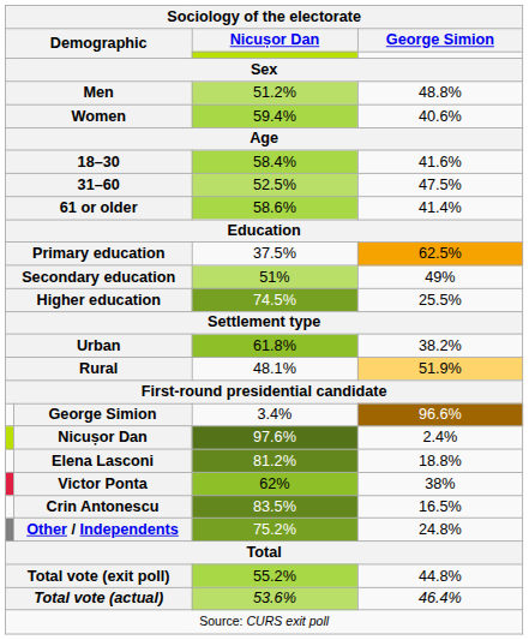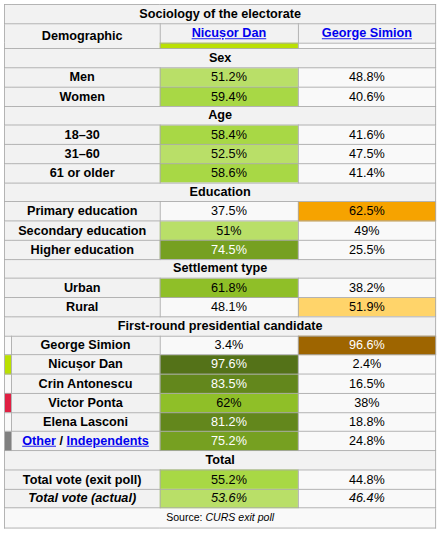 <table class="wikitable" style="font-size:90%; text-align:center; line-height:15px;">
 <tr>
 <th colspan="4">Sociology of the electorate</th>
 </tr>
 <tr>
 <th colspan="2" rowspan="2" style="width:170px;">Demographic</th>
 <th style="width:150px;"><a href='#'>Nicușor Dan</a></th>
 <th style="width:150px;"><a href='#'>George Simion</a></th>
 </tr>
 <tr>
 <td style="background:#BAE002;"></td>
 <td style="background:"></td>
 </tr>
 <tr>
 <th colspan="4">Sex</th>
 </tr>
 <tr>
 <th colspan="2">Men</th>
 <td style="background:#B9DF68;">51.2%</td>
 <td>48.8%</td>
 </tr>
 <tr>
 <th colspan="2">Women</th>
 <td style="background:#A8D845;">59.4%</td>
 <td>40.6%</td>
 </tr>
 <tr>
 <th colspan="4">Age</th>
 </tr>
 <tr>
 <th colspan="2">18–30</th>
 <td style="background:#A8D845;">58.4%</td>
 <td>41.6%</td>
 </tr>
 <tr>
 <th colspan="2">31–60</th>
 <td style="background:#B9DF68;">52.5%</td>
 <td>47.5%</td>
 </tr>
 <tr>
 <th colspan="2">61 or older</th>
 <td style="background:#A8D845;">58.6%</td>
 <td>41.4%</td>
 </tr>
 <tr>
 <th colspan="4">Education</th>
 </tr>
 <tr>
 <th colspan="2">Primary education</th>
 <td>37.5%</td>
 <td style="background:#F6A300;">62.5%</td>
 </tr>
 <tr>
 <th colspan="2">Secondary education</th>
 <td style="background:#B9DF68;">51%</td>
 <td>49%</td>
 </tr>
 <tr>
 <th colspan="2">Higher education</th>
 <td style="background:#76A021; color:white;">74.5%</td>
 <td>25.5%</td>
 </tr>
 <tr>
 <th colspan="4">Settlement type</th>
 </tr>
 <tr>
 <th colspan="2">Urban</th>
 <td style="background:#8FBF28;">61.8%</td>
 <td>38.2%</td>
 </tr>
 <tr>
 <th colspan="2">Rural</th>
 <td>48.1%</td>
 <td style="background:#FFD46A;">51.9%</td>
 </tr>
 <tr>
 <th colspan="4">First-round presidential candidate</th>
 </tr>
 <tr>
 <td style="background:"></td>
 <th>George Simion</th>
 <td>3.4%</td>
 <td style="background:#9E6500; color:white;">96.6%</td>
 </tr>
 <tr>
 <td style="background:#BAE002;"></td>
 <th>Nicușor Dan</th>
 <td style="background:#547218; color:white;">97.6%</td>
 <td>2.4%</td>
 </tr>
 <tr>
 <td style="background:"></td>
-<th>Elena Lasconi</th>
-<td style="background:#63871C; color:white;">81.2%</td>
-<td>18.8%</td>
+<th>Crin Antonescu</th>
+<td style="background:#63871C; color:white;">83.5%</td>
+<td>16.5%</td>
 </tr>
 <tr>
 <td style="background:#E02043; "></td>
 <th>Victor Ponta</th>
 <td style="background:#8FBF28;">62%</td>
 <td>38%</td>
 </tr>
 <tr>
 <td style="background:"></td>
-<th>Crin Antonescu</th>
-<td style="background:#63871C; color:white;">83.5%</td>
-<td>16.5%</td>
+<th>Elena Lasconi</th>
+<td style="background:#63871C; color:white;">81.2%</td>
+<td>18.8%</td>
 </tr>
 <tr>
 <td style="background:grey;"></td>
 <th><a href='#'>Other</a> / <a href='#'>Independents</a></th>
 <td style="background:#76A021; color:white;">75.2%</td>
 <td>24.8%</td>
 </tr>
 <tr>
 <th colspan="4">Total</th>
 </tr>
 <tr>
 <th colspan="2">Total vote (exit poll)</th>
 <td style="background:#A8D845;">55.2%</td>
 <td>44.8%</td>
 </tr>
 <tr>
 <th colspan="2"><em>Total vote (actual)</em></th>
 <td style="background:#B9DF68;"><em>53.6%</em></td>
 <td><em>46.4%</em></td>
 </tr>
 <tr>
 <td colspan="4"><small>Source: <em>CURS exit poll</em></small></td>
 </tr>
 </table>
